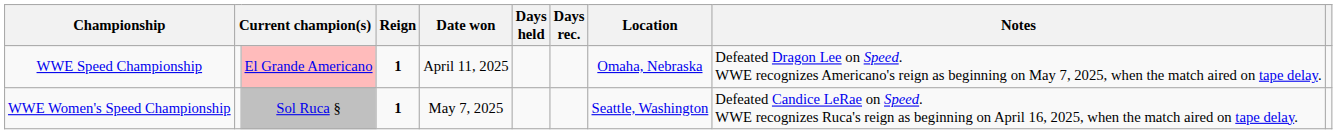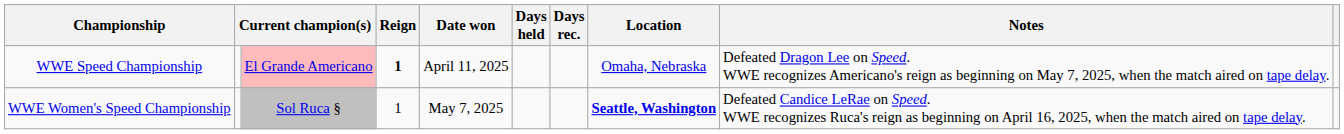 <table class="wikitable" style="font-size: 85%;">
 <tr>
 <th>Championship</th>
 <th colspan="2">Current champion(s)</th>
 <th>Reign</th>
 <th>Date won</th>
 <th>Days<br>held</th>
 <th>Days<br>rec.</th>
 <th>Location</th>
 <th>Notes</th>
 <th></th>
 </tr>
 <tr>
 <td align=center><a href='#'>WWE Speed Championship</a></td>
 <td align=center></td>
 <td style="background:#FBB;" align=center><a href='#'>El Grande Americano</a> </td>
 <td align=center><strong>1</strong></td>
 <td align=center>April 11, 2025</td>
 <td align=center></td>
 <td align=center></td>
 <td align=center><a href='#'>Omaha, Nebraska</a></td>
 <td align="left">Defeated <a href='#'>Dragon Lee</a> on <em><a href='#'>Speed</a></em>.<br>WWE recognizes Americano's reign as beginning on May 7, 2025, when the match aired on <a href='#'>tape delay</a>.</td>
 <td></td>
 </tr>
 <tr>
 <td align=center><a href='#'>WWE Women's Speed Championship</a></td>
 <td align=center></td>
 <td style="background:silver;" align=center><a href='#'>Sol Ruca</a> §</td>
-<td align=center><strong>1</strong></td>
+<td align=center>1</td>
 <td align=center>May 7, 2025</td>
 <td align=center></td>
 <td align=center></td>
-<td align=center><a href='#'>Seattle, Washington</a></td>
+<td align=center><strong><a href='#'>Seattle, Washington</a></strong></td>
 <td align="left">Defeated <a href='#'>Candice LeRae</a> on <em><a href='#'>Speed</a></em>.<br>WWE recognizes Ruca's reign as beginning on April 16, 2025, when the match aired on <a href='#'>tape delay</a>.</td>
 <td></td>
 </tr>
 </table>
